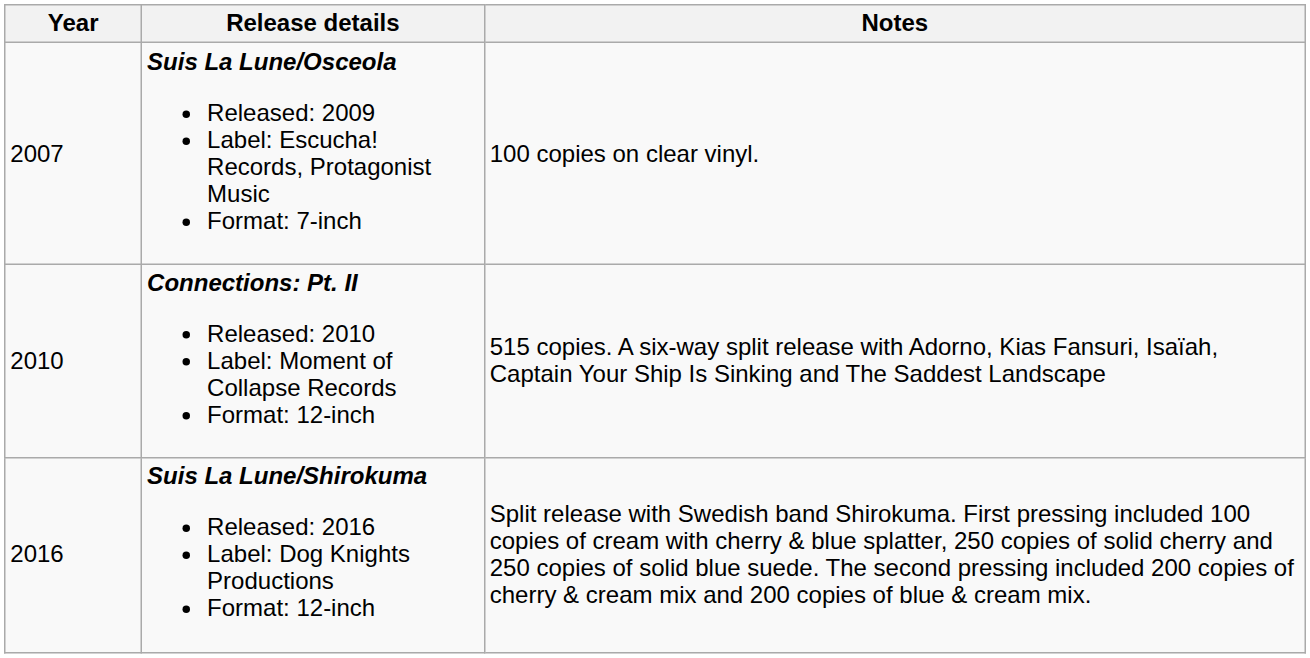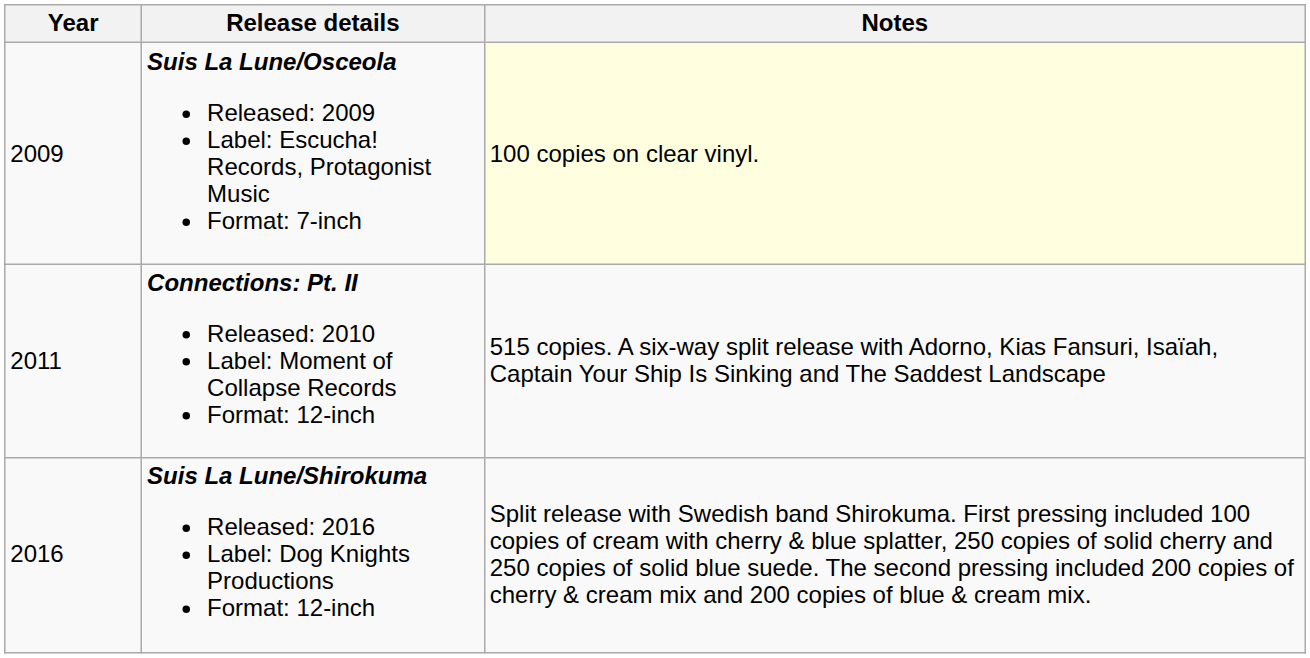 <table class ="wikitable">
 <tr>
 <th style="width: 5%">Year</th>
 <th style="width:10%">Release details</th>
 <th style="width:30%">Notes</th>
 </tr>
 <tr>
-<td>2007</td>
+<td>2009</td>
 <td><strong><em>Suis La Lune/Osceola</em></strong><br><ul><li>Released: 2009</li><li>Label: Escucha! Records, Protagonist Music</li><li>Format: 7-inch</li></ul></td>
-<td>100 copies on clear vinyl.</td>
+<td style="background: lightyellow;">100 copies on clear vinyl.</td>
 </tr>
 <tr>
-<td>2010</td>
+<td>2011</td>
 <td><strong><em>Connections: Pt. II</em></strong><br><ul><li>Released: 2010</li><li>Label: Moment of Collapse Records</li><li>Format: 12-inch</li></ul></td>
 <td>515 copies. A six-way split release with Adorno, Kias Fansuri, Isaïah, Captain Your Ship Is Sinking and The Saddest Landscape </td>
 </tr>
 <tr>
 <td>2016</td>
 <td><strong><em>Suis La Lune/Shirokuma</em></strong><br><ul><li>Released: 2016</li><li>Label: Dog Knights Productions</li><li>Format: 12-inch</li></ul></td>
 <td>Split release with Swedish band Shirokuma. First pressing included 100 copies of cream with cherry & blue splatter, 250 copies of solid cherry and 250 copies of solid blue suede. The second pressing included 200 copies of cherry & cream mix and 200 copies of blue & cream mix.</td>
 </tr>
 </table>
